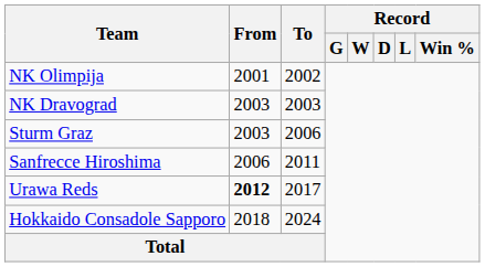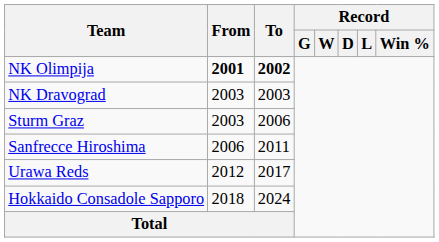 <table class=wikitable style=text-align:center>
 <tr>
 <th rowspan="2">Team</th>
 <th rowspan="2">From</th>
 <th rowspan="2">To</th>
 <th colspan="5">Record</th>
 </tr>
 <tr>
 <th>G</th>
 <th>W</th>
 <th>D</th>
 <th>L</th>
 <th>Win %</th>
 </tr>
 <tr>
 <td align="left"><a href='#'>NK Olimpija</a></td>
-<td align="left">2001</td>
-<td align="left">2002<br></td>
+<td align="left"><strong>2001</strong></td>
+<td align="left"><strong>2002<br></strong></td>
 </tr>
 <tr>
 <td align="left"><a href='#'>NK Dravograd</a></td>
 <td align="left">2003</td>
 <td align="left">2003<br></td>
 </tr>
 <tr>
 <td align="left"><a href='#'>Sturm Graz</a></td>
 <td align="left">2003</td>
 <td align="left">2006<br></td>
 </tr>
 <tr>
 <td align="left"><a href='#'>Sanfrecce Hiroshima</a></td>
 <td align="left">2006</td>
 <td align="left">2011<br></td>
 </tr>
 <tr>
 <td align="left"><a href='#'>Urawa Reds</a></td>
-<td align="left"><strong>2012</strong></td>
+<td align="left">2012</td>
 <td align="left">2017<br></td>
 </tr>
 <tr>
 <td align="left"><a href='#'>Hokkaido Consadole Sapporo</a></td>
 <td align="left">2018</td>
 <td align="left">2024<br></td>
 </tr>
 <tr>
 <th colspan="3">Total<br></th>
 </tr>
 </table>
